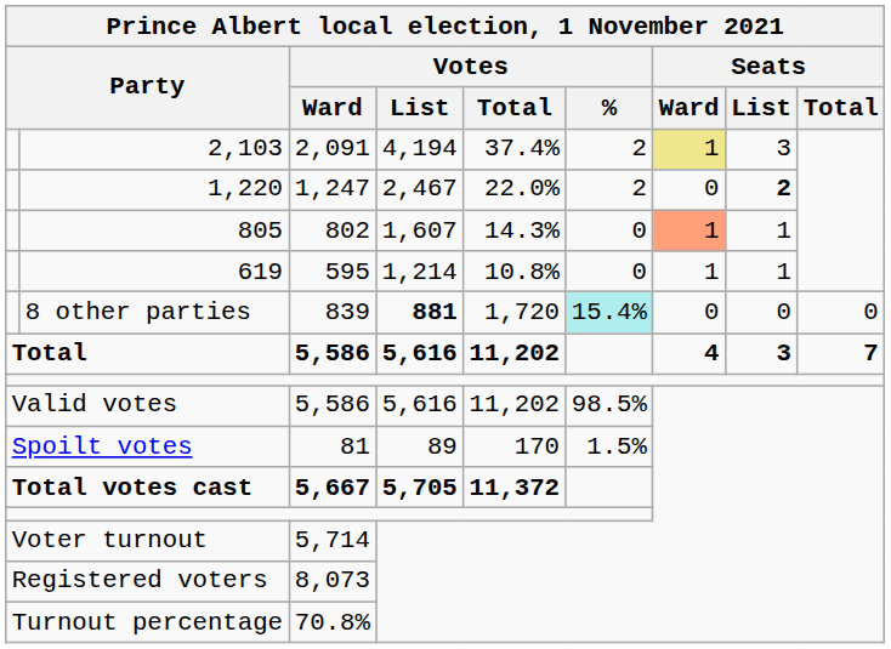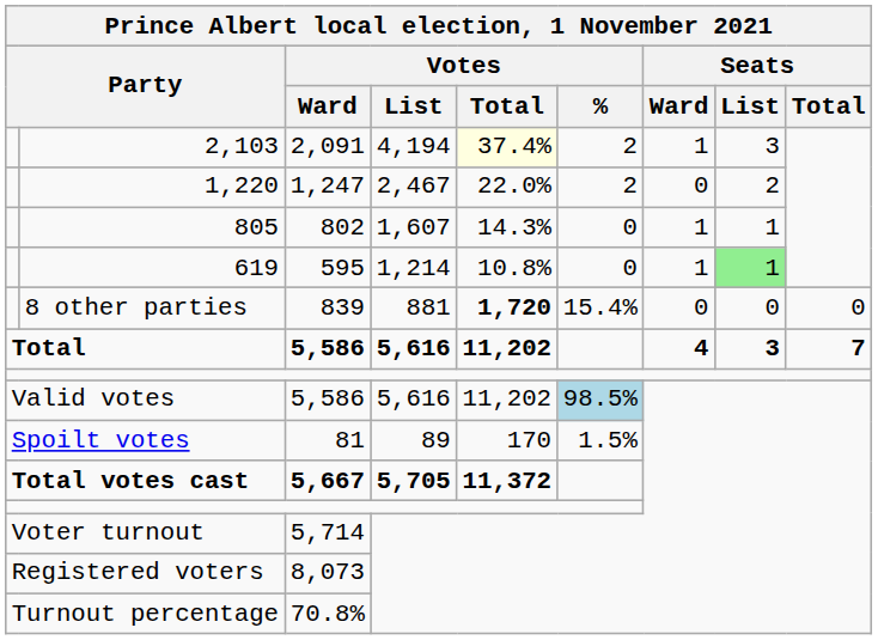 <table class=wikitable style="text-align:right">
 <tr>
 <th colspan="9" align="center">Prince Albert local election, 1 November 2021</th>
 </tr>
 <tr>
 <th rowspan="2" colspan="2">Party</th>
 <th colspan="4" align="center">Votes</th>
 <th colspan="3" align="center">Seats</th>
 </tr>
 <tr>
 <th>Ward</th>
 <th>List</th>
 <th>Total</th>
 <th>%</th>
 <th>Ward</th>
 <th>List</th>
 <th>Total</th>
 </tr>
 <tr>
 <td></td>
 <td>2,103</td>
 <td>2,091</td>
 <td>4,194</td>
-<td>37.4%</td>
+<td style="background: lightyellow;">37.4%</td>
 <td>2</td>
-<td style="background: khaki;">1</td>
+<td>1</td>
 <td>3</td>
 </tr>
 <tr>
 <td></td>
 <td>1,220</td>
 <td>1,247</td>
 <td>2,467</td>
 <td>22.0%</td>
 <td>2</td>
 <td>0</td>
-<td><strong>2</strong></td>
+<td>2</td>
 </tr>
 <tr>
 <td></td>
 <td>805</td>
 <td>802</td>
 <td>1,607</td>
 <td>14.3%</td>
 <td>0</td>
-<td style="background: lightsalmon;">1</td>
+<td>1</td>
 <td>1</td>
 </tr>
 <tr>
 <td></td>
 <td>619</td>
 <td>595</td>
 <td>1,214</td>
 <td>10.8%</td>
 <td>0</td>
 <td>1</td>
-<td>1</td>
+<td style="background: lightgreen;">1</td>
 </tr>
 <tr>
 <td></td>
 <td style="text-align:left">8 other parties</td>
 <td>839</td>
-<td><strong>881</strong></td>
-<td>1,720</td>
-<td style="background: paleturquoise;">15.4%</td>
+<td>881</td>
+<td><strong>1,720</strong></td>
+<td>15.4%</td>
 <td>0</td>
 <td>0</td>
 <td>0</td>
 </tr>
 <tr>
 <td colspan="2" style="text-align:left"><strong>Total</strong></td>
 <td><strong>5,586</strong></td>
 <td><strong>5,616</strong></td>
 <td><strong>11,202</strong></td>
 <td></td>
 <td><strong>4</strong></td>
 <td><strong>3</strong></td>
 <td><strong>7</strong></td>
 </tr>
 <tr>
 <td colspan="9"></td>
 </tr>
 <tr>
 <td colspan="2" style="text-align:left">Valid votes</td>
 <td>5,586</td>
 <td>5,616</td>
 <td>11,202</td>
-<td>98.5%</td>
+<td style="background: lightblue;">98.5%</td>
 </tr>
 <tr>
 <td colspan="2" style="text-align:left"><a href='#'>Spoilt votes</a></td>
 <td>81</td>
 <td>89</td>
 <td>170</td>
 <td>1.5%</td>
 </tr>
 <tr>
 <td colspan="2" style="text-align:left"><strong>Total votes cast</strong></td>
 <td><strong>5,667</strong></td>
 <td><strong>5,705</strong></td>
 <td><strong>11,372</strong></td>
 <td></td>
 </tr>
 <tr>
 <td colspan="6"></td>
 </tr>
 <tr>
 <td colspan="2" style="text-align:left">Voter turnout</td>
 <td>5,714</td>
 </tr>
 <tr>
 <td colspan="2" style="text-align:left">Registered voters</td>
 <td>8,073</td>
 </tr>
 <tr>
 <td colspan="2" style="text-align:left">Turnout percentage</td>
 <td>70.8%</td>
 </tr>
 </table>
